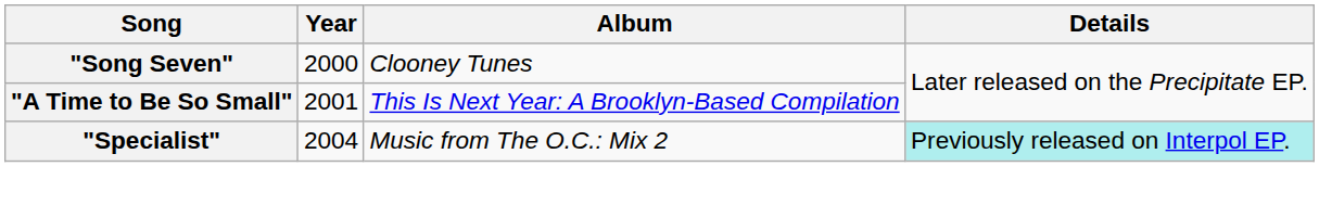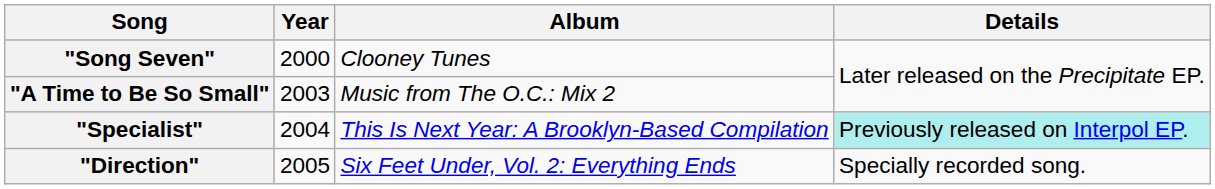 <table class="wikitable plainrowheaders" style="align:left;">
 <tr>
 <th>Song</th>
 <th>Year</th>
 <th>Album</th>
 <th>Details</th>
 </tr>
 <tr>
 <th scope="row">"Song Seven"</th>
 <td>2000</td>
 <td><em>Clooney Tunes</em></td>
 <td rowspan="2">Later released on the <em>Precipitate</em> EP.</td>
 </tr>
 <tr>
 <th scope="row">"A Time to Be So Small"</th>
-<td>2001</td>
-<td><em><a href='#'>This Is Next Year: A Brooklyn-Based Compilation</a></em></td>
+<td>2003</td>
+<td><em>Music from The O.C.: Mix 2</em></td>
 </tr>
 <tr>
 <th scope="row">"Specialist"</th>
 <td>2004</td>
-<td><em>Music from The O.C.: Mix 2</em></td>
+<td><em><a href='#'>This Is Next Year: A Brooklyn-Based Compilation</a></em></td>
 <td style="background: paleturquoise;">Previously released on <a href='#'>Interpol EP</a>.</td>
 </tr>
+<tr>
+<th scope="row">"Direction"</th>
+<td>2005</td>
+<td><em><a href='#'>Six Feet Under, Vol. 2: Everything Ends</a></em></td>
+<td>Specially recorded song.</td>
+</tr>
 </table>
